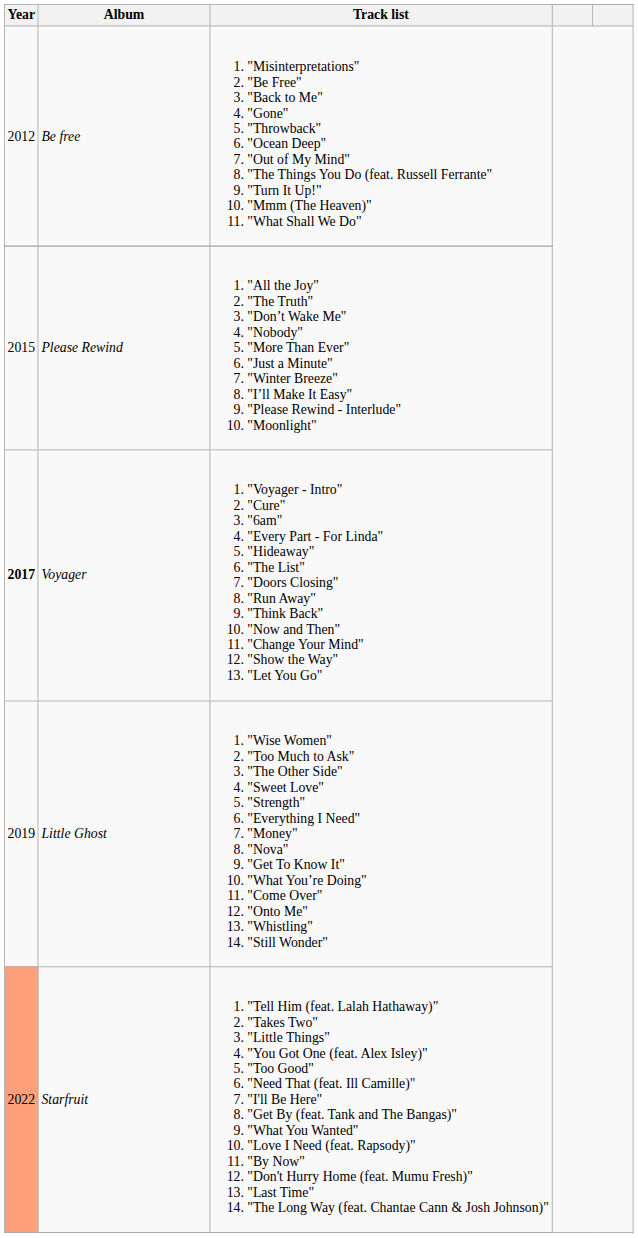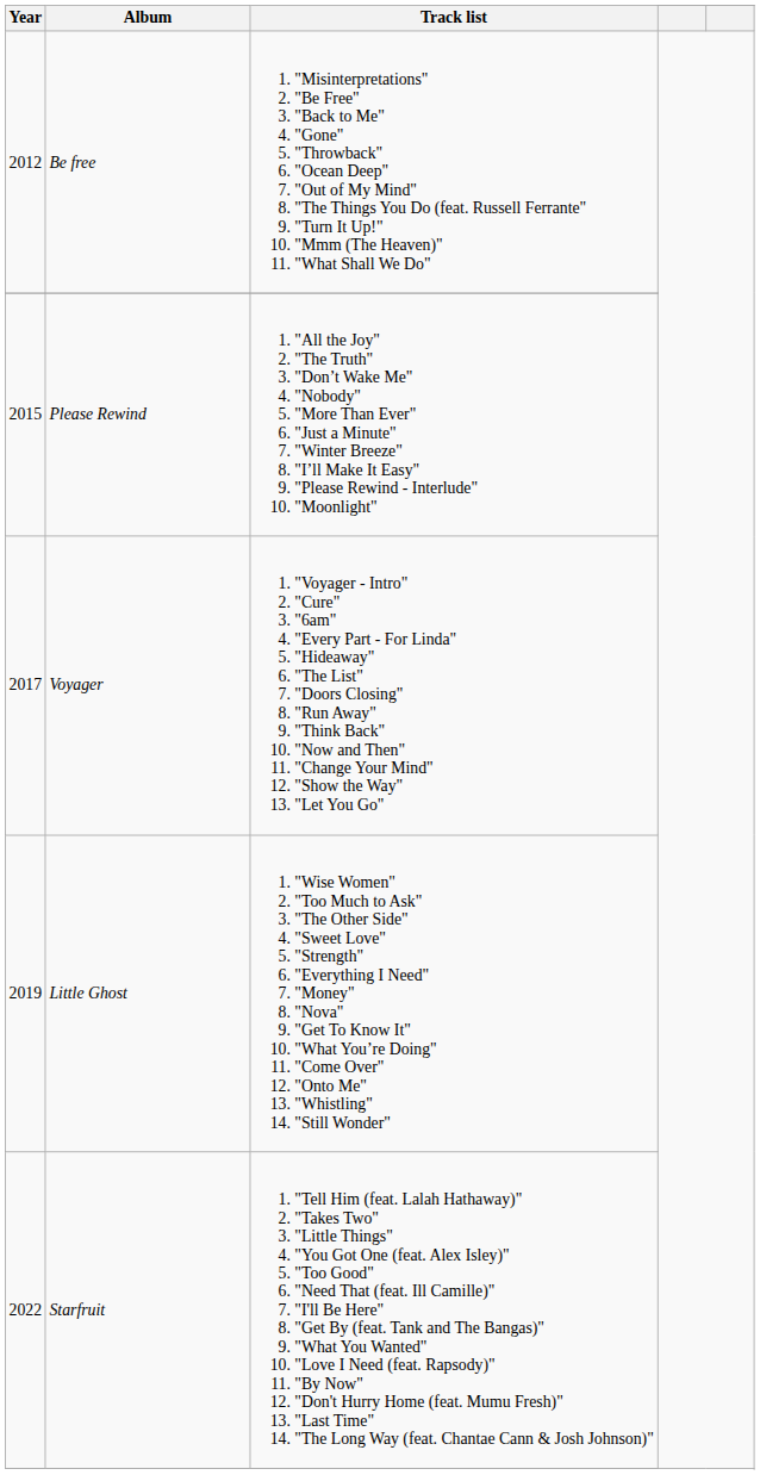 <table class="wikitable plainrowheaders" style="text-align:center;">
 <tr>
 <th scope="col" rowspan="2">Year</th>
 <th scope="col" rowspan="2" style="width:12em;">Album</th>
 <th scope="col" rowspan="2">Track list</th>
 </tr>
 <tr>
 <th scope="col" style="width:3em;font-size:85%;"></th>
 <th scope="col" style="width:3em;font-size:85%;"></th>
 </tr>
 <tr>
 <td>2012</td>
 <td style="text-align:left;"><em>Be free</em></td>
 <td style="text-align:left;"><br><ol><li>"Misinterpretations"</li><li>"Be Free"</li><li>"Back to Me"</li><li>"Gone"</li><li>"Throwback"</li><li>"Ocean Deep"</li><li>"Out of My Mind"</li><li>"The Things You Do (feat. Russell Ferrante"</li><li>"Turn It Up!"</li><li>"Mmm (The Heaven)"</li><li>"What Shall We Do"</li></ol></td>
 </tr>
 <tr>
 </tr>
 <tr>
 <td>2015</td>
 <td style="text-align:left;"><em>Please Rewind</em></td>
 <td style="text-align:left;"><br><ol><li>"All the Joy"</li><li>"The Truth"</li><li>"Don’t Wake Me"</li><li>"Nobody"</li><li>"More Than Ever"</li><li>"Just a Minute"</li><li>"Winter Breeze"</li><li>"I’ll Make It Easy"</li><li>"Please Rewind - Interlude"</li><li>"Moonlight"</li></ol></td>
 </tr>
 <tr>
-<td><strong>2017</strong></td>
+<td>2017</td>
 <td style="text-align:left;"><em>Voyager</em></td>
 <td style="text-align:left;"><br><ol><li>"Voyager - Intro"</li><li>"Cure"</li><li>"6am"</li><li>"Every Part - For Linda"</li><li>"Hideaway"</li><li>"The List"</li><li>"Doors Closing"</li><li>"Run Away"</li><li>"Think Back"</li><li>"Now and Then"</li><li>"Change Your Mind"</li><li>"Show the Way"</li><li>"Let You Go"</li></ol></td>
 </tr>
 <tr>
 <td>2019</td>
 <td style="text-align:left;"><em>Little Ghost</em></td>
 <td style="text-align:left;"><br><ol><li>"Wise Women"</li><li>"Too Much to Ask"</li><li>"The Other Side"</li><li>"Sweet Love"</li><li>"Strength"</li><li>"Everything I Need"</li><li>"Money"</li><li>"Nova"</li><li>"Get To Know It"</li><li>"What You’re Doing"</li><li>"Come Over"</li><li>"Onto Me"</li><li>"Whistling"</li><li>"Still Wonder"</li></ol></td>
 </tr>
 <tr>
-<td style="background: lightsalmon;">2022</td>
+<td>2022</td>
 <td style="text-align:left;"><em>Starfruit</em></td>
 <td style="text-align:left;"><br><ol><li>"Tell Him (feat. Lalah Hathaway)"</li><li>"Takes Two"</li><li>"Little Things"</li><li>"You Got One (feat. Alex Isley)"</li><li>"Too Good"</li><li>"Need That (feat. Ill Camille)"</li><li>"I'll Be Here"</li><li>"Get By (feat. Tank and The Bangas)"</li><li>"What You Wanted"</li><li>"Love I Need (feat. Rapsody)"</li><li>"By Now"</li><li>"Don't Hurry Home (feat. Mumu Fresh)"</li><li>"Last Time"</li><li>"The Long Way (feat. Chantae Cann & Josh Johnson)"</li></ol></td>
 </tr>
 <tr>
 </tr>
 </table>
